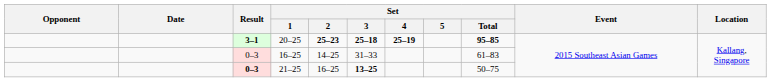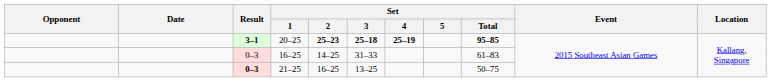 <table class="wikitable" style="font-size: 90%">
 <tr>
 <th rowspan=2 width=15%>Opponent</th>
 <th rowspan=2 width=15%>Date</th>
 <th rowspan=2 width=5%>Result</th>
 <th colspan=6>Set</th>
 <th rowspan=2 width=24%>Event</th>
 <th rowspan=2 width=16%>Location</th>
 </tr>
 <tr>
 <th width=5%>1</th>
 <th width=5%>2</th>
 <th width=5%>3</th>
 <th width=5%>4</th>
 <th width=5%>5</th>
 <th width=7%>Total</th>
 </tr>
 <tr style="text-align:center;">
 <td style="text-align:left;"></td>
 <td></td>
 <td style="background:#ddffdd;"><strong>3–1</strong></td>
 <td>20–25</td>
 <td><strong>25–23</strong></td>
 <td><strong>25–18</strong></td>
 <td><strong>25–19</strong></td>
 <td></td>
 <td><strong>95–85</strong></td>
 <td rowspan=3><a href='#'>2015 Southeast Asian Games</a></td>
 <td rowspan=3><a href='#'>Kallang</a>, <a href='#'>Singapore</a></td>
 </tr>
 <tr style="text-align:center;">
 <td style="text-align:left;"></td>
 <td></td>
 <td style="background:#ffdddd;">0–3</td>
 <td>16–25</td>
 <td>14–25</td>
 <td>31–33</td>
 <td></td>
 <td></td>
 <td>61–83</td>
 </tr>
 <tr style="text-align:center;">
 <td style="text-align:left;"></td>
 <td></td>
 <td style="background:#ffdddd;"><strong>0–3</strong></td>
 <td>21–25</td>
 <td>16–25</td>
-<td><strong>13–25</strong></td>
+<td>13–25</td>
 <td></td>
 <td></td>
 <td>50–75</td>
 </tr>
 </table>
